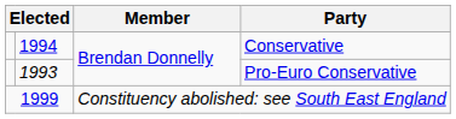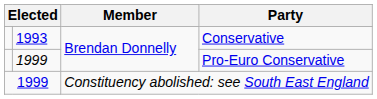 <table class="wikitable">
 <tr>
 <th colspan = "2">Elected</th>
 <th>Member</th>
 <th>Party</th>
 </tr>
 <tr>
 <td style="background-color: "></td>
-<td><a href='#'>1994</a></td>
+<td><a href='#'>1993</a></td>
 <td rowspan=2><a href='#'>Brendan Donnelly</a></td>
 <td><a href='#'>Conservative</a></td>
 </tr>
 <tr>
 <td style="background-color: "></td>
-<td><em>1993</em></td>
+<td><em>1999</em></td>
 <td><a href='#'>Pro-Euro Conservative</a></td>
 </tr>
 <tr>
 <td colspan="2" align="center"><a href='#'>1999</a></td>
 <td colspan="2"><em>Constituency abolished: see <a href='#'>South East England</a></em></td>
 </tr>
 </table>
